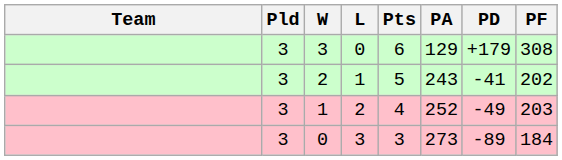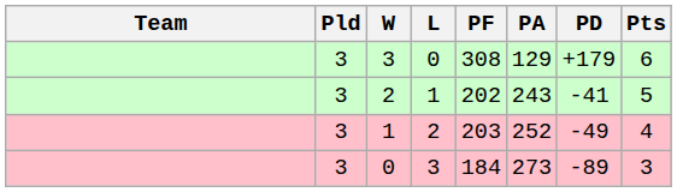 <table class="wikitable" style="text-align:center;">
 <tr>
 <th width=175>Team</th>
 <th width=20  abbr="Played">Pld</th>
 <th width=20  abbr="Won">W</th>
 <th width=20  abbr="Lost">L</th>
-<th width=20  abbr="Points">Pts</th>
+<th width=20  abbr="Points">PF</th>
 <th width=20  abbr="Points Against">PA</th>
 <th width=25  abbr="Points Difference">PD</th>
-<th width=20  abbr="Points">PF</th>
+<th width=20  abbr="Points">Pts</th>
 </tr>
 <tr bgcolor="ccffcc">
 <td style="text-align:left"></td>
 <td>3</td>
 <td>3</td>
 <td>0</td>
-<td>6</td>
+<td>308</td>
 <td>129</td>
 <td>+179</td>
-<td>308</td>
+<td>6</td>
 </tr>
 <tr bgcolor="ccffcc">
 <td style="text-align:left"></td>
 <td>3</td>
 <td>2</td>
 <td>1</td>
-<td>5</td>
+<td>202</td>
 <td>243</td>
 <td>-41</td>
-<td>202</td>
+<td>5</td>
 </tr>
 <tr bgcolor="pink">
 <td style="text-align:left"></td>
 <td>3</td>
 <td>1</td>
 <td>2</td>
-<td>4</td>
+<td>203</td>
 <td>252</td>
 <td>-49</td>
-<td>203</td>
+<td>4</td>
 </tr>
 <tr bgcolor="pink">
 <td style="text-align:left"></td>
 <td>3</td>
 <td>0</td>
 <td>3</td>
-<td>3</td>
+<td>184</td>
 <td>273</td>
 <td>-89</td>
-<td>184</td>
+<td>3</td>
 </tr>
 </table>
